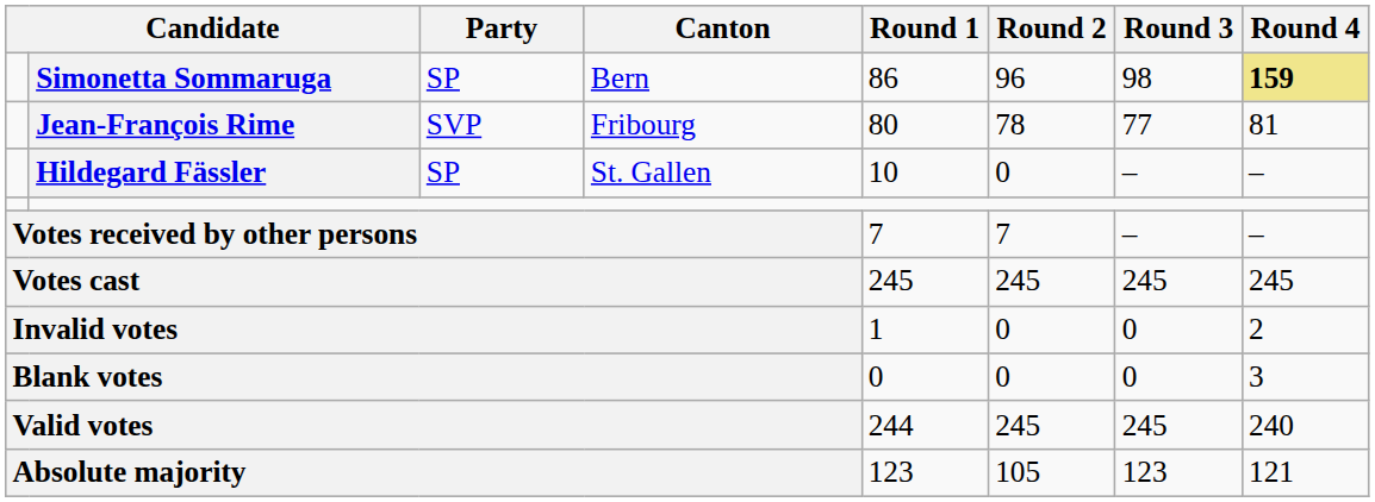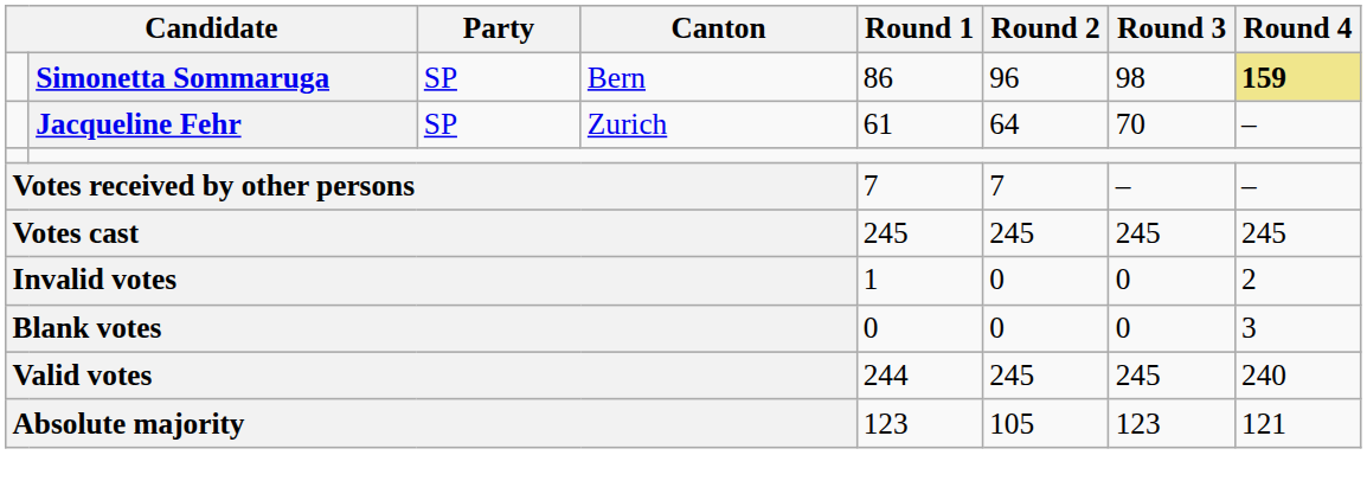 <table class="wikitable">
 <tr>
 <th colspan=2>Candidate</th>
 <th>Party</th>
 <th>Canton</th>
 <th>Round 1</th>
 <th>Round 2</th>
 <th>Round 3</th>
 <th>Round 4</th>
 </tr>
 <tr>
 <td width=5px style="background-color: "></td>
 <td style="width:200px; background:#f2f2f2;"><strong><a href='#'>Simonetta Sommaruga</a></strong></td>
 <td style="width:80px;"><a href='#'>SP</a></td>
 <td style="width:140px;"><a href='#'>Bern</a></td>
 <td style="width:60px;">86</td>
 <td style="width:60px;">96</td>
 <td style="width:60px;">98</td>
 <td style="background: khaki; width:60px;"><strong>159</strong></td>
 </tr>
 <tr>
 <td style="background-color: "></td>
-<td style="background:#f2f2f2;"><strong><a href='#'>Jean-François Rime</a></strong></td>
-<td><a href='#'>SVP</a></td>
-<td><a href='#'>Fribourg</a></td>
-<td>80</td>
-<td>78</td>
-<td>77</td>
-<td>81</td>
-</tr>
-<tr>
-<td style="background-color: "></td>
-<td style="background:#f2f2f2;"><strong><a href='#'>Hildegard Fässler</a></strong></td>
+<td style="background:#f2f2f2;"><strong><a href='#'>Jacqueline Fehr</a></strong></td>
 <td><a href='#'>SP</a></td>
-<td><a href='#'>St. Gallen</a></td>
-<td>10</td>
-<td>0</td>
-<td>–</td>
+<td><a href='#'>Zurich</a></td>
+<td>61</td>
+<td>64</td>
+<td>70</td>
 <td>–</td>
 </tr>
 <tr>
 <td></td>
 </tr>
 <tr>
 <td colspan="4" style="background:#f2f2f2;"><strong>Votes received by other persons</strong></td>
 <td>7</td>
 <td>7</td>
 <td>–</td>
 <td>–</td>
 </tr>
 <tr>
 <td colspan="4" style="background:#f2f2f2;"><strong>Votes cast</strong></td>
 <td>245</td>
 <td>245</td>
 <td>245</td>
 <td>245</td>
 </tr>
 <tr>
 <td colspan="4" style="background:#f2f2f2;"><strong>Invalid votes</strong></td>
 <td>1</td>
 <td>0</td>
 <td>0</td>
 <td>2</td>
 </tr>
 <tr>
 <td colspan="4" style="background:#f2f2f2;"><strong>Blank votes</strong></td>
 <td>0</td>
 <td>0</td>
 <td>0</td>
 <td>3</td>
 </tr>
 <tr>
 <td colspan="4" style="background:#f2f2f2;"><strong>Valid votes</strong></td>
 <td>244</td>
 <td>245</td>
 <td>245</td>
 <td>240</td>
 </tr>
 <tr>
 <td colspan="4" style="background:#f2f2f2;"><strong>Absolute majority</strong></td>
 <td>123</td>
 <td>105</td>
 <td>123</td>
 <td>121</td>
 </tr>
 </table>
